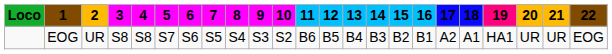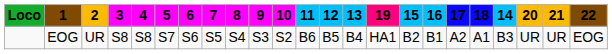 <table class="wikitable plainrowheaders unsortable" style="text-align:center">
 <tr>
 <th scope="col" rowspan="1" style="background:#12ad2b;"><span>Loco</span></th>
 <th scope="col" rowspan="1" style="background:#804a00;"><span>1</span></th>
 <th scope="col" rowspan="1" style="background:#ffba01;">2</th>
 <th scope="col" rowspan="1" style="background:#ff00ff;">3</th>
 <th scope="col" rowspan="1" style="background:#ff00ff;">4</th>
 <th scope="col" rowspan="1" style="background:#ff00ff;">5</th>
 <th scope="col" rowspan="1" style="background:#ff00ff;">6</th>
 <th scope="col" rowspan="1" style="background:#ff00ff;">7</th>
 <th scope="col" rowspan="1" style="background:#ff00ff;">8</th>
 <th scope="col" rowspan="1" style="background:#ff00ff;">9</th>
 <th scope="col" rowspan="1" style="background:#ff00ff;">10</th>
 <th scope="col" rowspan="1" style="background:#00bfff;">11</th>
 <th scope="col" rowspan="1" style="background:#00bfff;">12</th>
 <th scope="col" rowspan="1" style="background:#00bfff;">13</th>
-<th scope="col" rowspan="1" style="background:#00bfff;">14</th>
+<th scope="col" rowspan="1" style="background:#ff007f;"><span>19</span></th>
 <th scope="col" rowspan="1" style="background:#00bfff;">15</th>
 <th scope="col" rowspan="1" style="background:#00bfff;">16</th>
 <th scope="col" rowspan="1" style="background:#0909ff;"><span>17</span></th>
 <th scope="col" rowspan="1" style="background:#0909ff;"><span>18</span></th>
-<th scope="col" rowspan="1" style="background:#ff007f;"><span>19</span></th>
+<th scope="col" rowspan="1" style="background:#00bfff;">14</th>
 <th scope="col" rowspan="1" style="background:#ffba01;">20</th>
 <th scope="col" rowspan="1" style="background:#ffba01;">21</th>
 <th scope="col" rowspan="1" style="background:#804a00;"><span>22</span></th>
 </tr>
 <tr>
 <td></td>
 <td>EOG</td>
 <td>UR</td>
 <td>S8</td>
 <td>S8</td>
 <td>S7</td>
 <td>S6</td>
 <td>S5</td>
 <td>S4</td>
 <td>S3</td>
 <td>S2</td>
 <td>B6</td>
 <td>B5</td>
 <td>B4</td>
-<td>B3</td>
+<td>HA1</td>
 <td>B2</td>
 <td>B1</td>
 <td>A2</td>
 <td>A1</td>
-<td>HA1</td>
+<td>B3</td>
 <td>UR</td>
 <td>UR</td>
 <td>EOG</td>
 </tr>
 </table>
